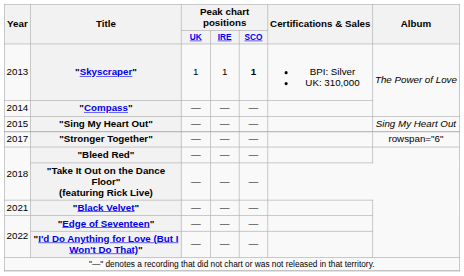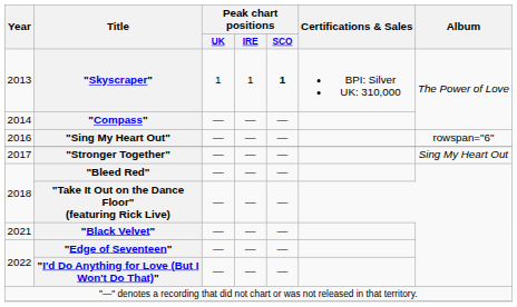 <table class="wikitable plainrowheaders" style="text-align:center;">
 <tr>
 <th scope="col" rowspan="2" style="width:1em;">Year</th>
 <th scope="col" rowspan="2" style="width:15em;">Title</th>
 <th scope="col" colspan="3">Peak chart positions</th>
 <th scope="col" rowspan="2">Certifications & Sales</th>
 <th scope="col" rowspan="2">Album</th>
 </tr>
 <tr>
 <th scope="col" style="width:3em;font-size:85%;"><a href='#'>UK</a><br></th>
 <th scope="col" style="width:3em;font-size:85%;"><a href='#'>IRE</a><br></th>
 <th scope="col" style="width:3em;font-size:85%;"><a href='#'>SCO</a><br></th>
 </tr>
 <tr>
 <td>2013</td>
 <th scope="row">"<a href='#'>Skyscraper</a>"</th>
 <td>1</td>
 <td>1</td>
 <td><strong>1</strong></td>
 <td><br><ul><li>BPI: Silver</li><li>UK: 310,000</li></ul></td>
 <td rowspan="2"><em>The Power of Love</em></td>
 </tr>
 <tr>
 <td>2014</td>
 <th scope="row">"<a href='#'>Compass</a>"</th>
 <td>—</td>
 <td>—</td>
 <td>—</td>
 <td></td>
 </tr>
 <tr>
-<td>2015</td>
+<td>2016</td>
 <th scope="row">"Sing My Heart Out"</th>
 <td>—</td>
 <td>—</td>
 <td>—</td>
 <td></td>
-<td><em>Sing My Heart Out</em></td>
+<td>rowspan="6" </td>
 </tr>
 <tr>
 </tr>
 <tr>
 <td>2017</td>
 <th scope="row">"Stronger Together"</th>
 <td>—</td>
 <td>—</td>
 <td>—</td>
 <td></td>
-<td>rowspan="6" </td>
+<td><em>Sing My Heart Out</em></td>
 </tr>
 <tr>
 <td rowspan="2">2018</td>
 <th scope="row">"Bleed Red"</th>
 <td>—</td>
 <td>—</td>
 <td>—</td>
 <td></td>
 </tr>
 <tr>
 <th scope="row">"Take It Out on the Dance Floor"<br><span>(featuring Rick Live)</span></th>
 <td>—</td>
 <td>—</td>
 <td>—</td>
 </tr>
 <tr>
 <td>2021</td>
 <th scope="row">"<a href='#'>Black Velvet</a>"</th>
 <td>—</td>
 <td>—</td>
 <td>—</td>
 <td></td>
 </tr>
 <tr>
 <td rowspan="2">2022</td>
 <th scope="row">"<a href='#'>Edge of Seventeen</a>"</th>
 <td>—</td>
 <td>—</td>
 <td>—</td>
 <td></td>
 </tr>
 <tr>
 <th scope="row">"<a href='#'>I'd Do Anything for Love (But I Won't Do That)</a>"</th>
 <td>—</td>
 <td>—</td>
 <td>—</td>
 <td></td>
 </tr>
 <tr>
 <td colspan="19" style="text-align:center; font-size:85%;">"—" denotes a recording that did not chart or was not released in that territory.</td>
 </tr>
 <tr>
 </tr>
 </table>
